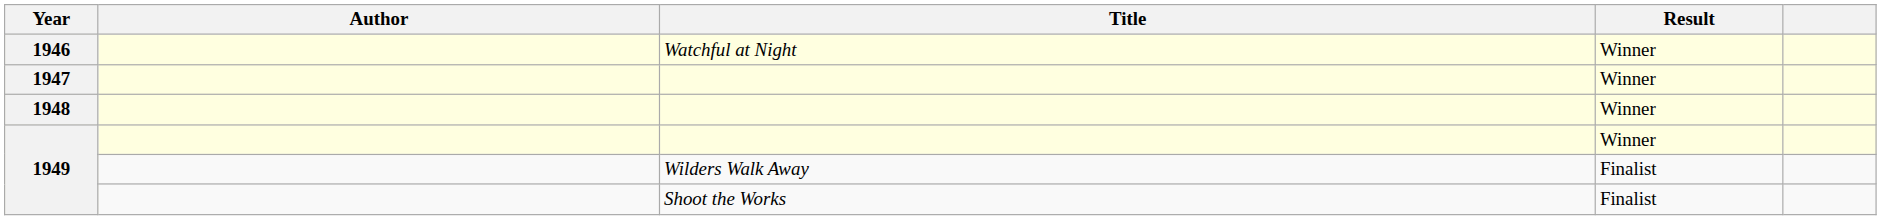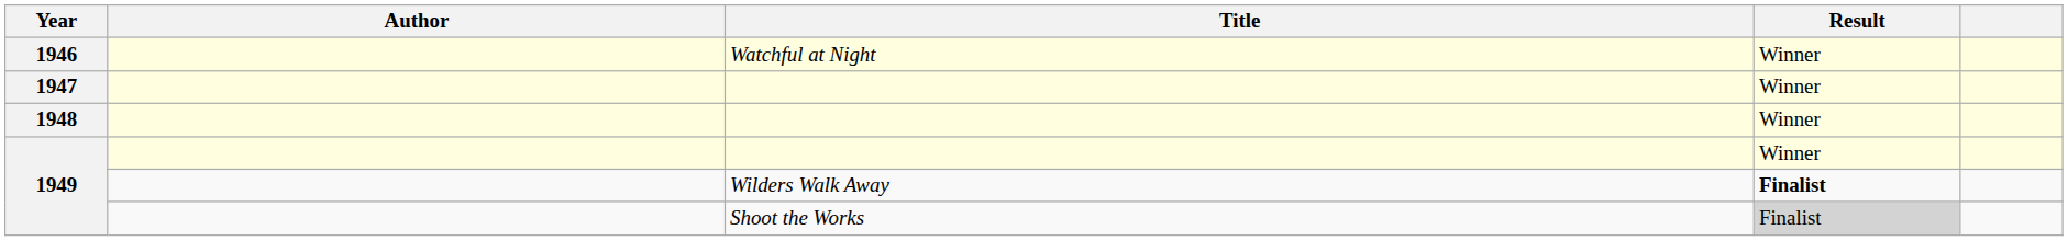 <table class="wikitable sortable mw-collapsible" style="width:80%">
 <tr>
 <th scope="col" width="5%">Year</th>
 <th scope="col" width="30%">Author</th>
 <th scope="col" width="50%">Title</th>
 <th scope="col" width="10%">Result</th>
 <th scope="col" width="5%"></th>
 </tr>
 <tr style="background:lightyellow;">
 <th>1946</th>
 <td></td>
 <td><em>Watchful at Night</em></td>
 <td>Winner</td>
 <td></td>
 </tr>
 <tr style="background:lightyellow;">
 <th>1947</th>
 <td></td>
 <td><em></em></td>
 <td>Winner</td>
 <td></td>
 </tr>
 <tr style="background:lightyellow;">
 <th>1948</th>
 <td></td>
 <td><em></em></td>
 <td>Winner</td>
 <td></td>
 </tr>
 <tr style="background:lightyellow;">
 <th rowspan="3">1949</th>
 <td></td>
 <td><em></em></td>
 <td>Winner</td>
 <td></td>
 </tr>
 <tr>
 <td></td>
 <td><em>Wilders Walk Away</em></td>
-<td>Finalist</td>
+<td><strong>Finalist</strong></td>
 <td></td>
 </tr>
 <tr>
 <td></td>
 <td><em>Shoot the Works</em></td>
-<td>Finalist</td>
+<td style="background: lightgrey;">Finalist</td>
 <td></td>
 </tr>
 </table>
